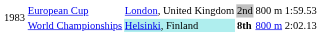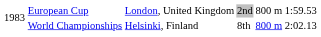 <table>
 <tr>
 <td rowspan=2>1983</td>
 <td><a href='#'>European Cup</a></td>
 <td><a href='#'>London</a>, United Kingdom</td>
 <td bgcolor=silver>2nd</td>
 <td>800 m</td>
 <td>1:59.53</td>
 </tr>
 <tr>
 <td><a href='#'>World Championships</a></td>
-<td style="background: paleturquoise;"><a href='#'>Helsinki</a>, Finland</td>
-<td><strong>8th</strong></td>
+<td><a href='#'>Helsinki</a>, Finland</td>
+<td>8th</td>
 <td><a href='#'>800 m</a></td>
 <td>2:02.13</td>
 </tr>
 </table>
